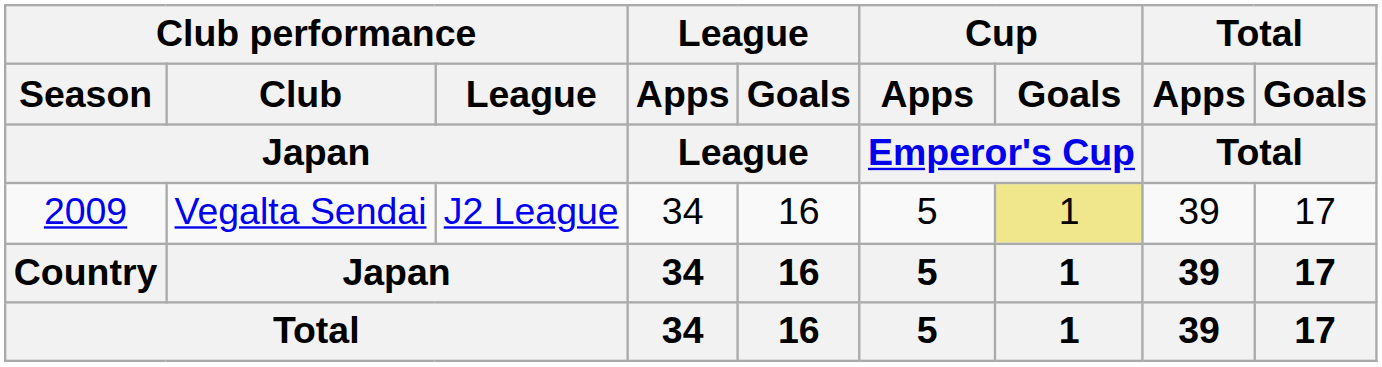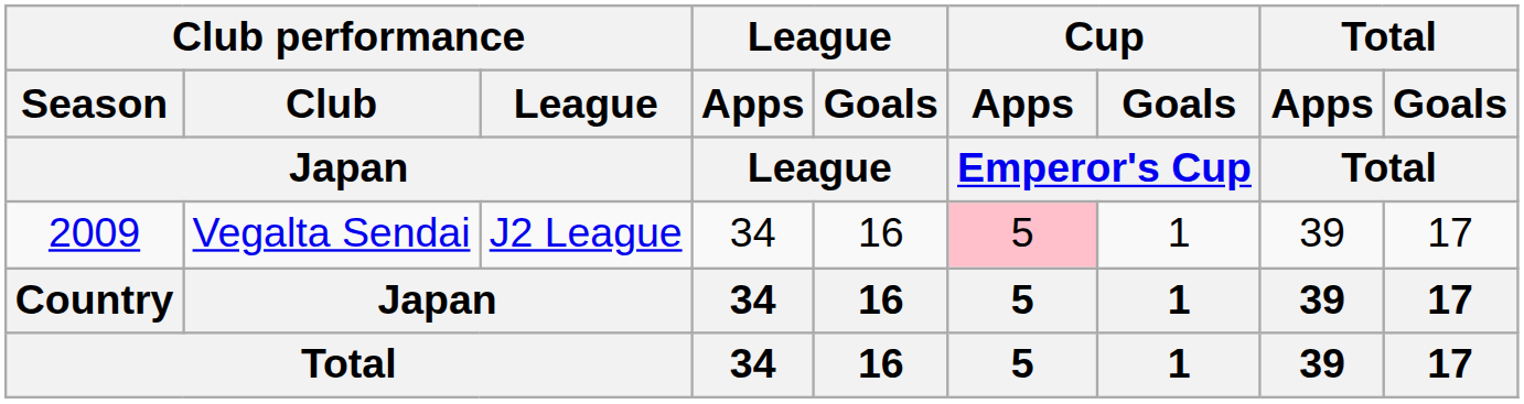 <table class="wikitable" style="text-align:center;">
 <tr>
 <th colspan=3>Club performance</th>
 <th colspan=2>League</th>
 <th colspan=2>Cup</th>
 <th colspan=2>Total</th>
 </tr>
 <tr>
 <th>Season</th>
 <th>Club</th>
 <th>League</th>
 <th>Apps</th>
 <th>Goals</th>
 <th>Apps</th>
 <th>Goals</th>
 <th>Apps</th>
 <th>Goals</th>
 </tr>
 <tr>
 <th colspan=3>Japan</th>
 <th colspan=2>League</th>
 <th colspan=2><a href='#'>Emperor's Cup</a></th>
 <th colspan=2>Total</th>
 </tr>
 <tr>
 <td><a href='#'>2009</a></td>
 <td><a href='#'>Vegalta Sendai</a></td>
 <td><a href='#'>J2 League</a></td>
 <td>34</td>
 <td>16</td>
-<td>5</td>
-<td style="background: khaki;">1</td>
+<td style="background: pink;">5</td>
+<td>1</td>
 <td>39</td>
 <td>17</td>
 </tr>
 <tr>
 <th rowspan=1>Country</th>
 <th colspan=2>Japan</th>
 <th>34</th>
 <th>16</th>
 <th>5</th>
 <th>1</th>
 <th>39</th>
 <th>17</th>
 </tr>
 <tr>
 <th colspan=3>Total</th>
 <th>34</th>
 <th>16</th>
 <th>5</th>
 <th>1</th>
 <th>39</th>
 <th>17</th>
 </tr>
 </table>
